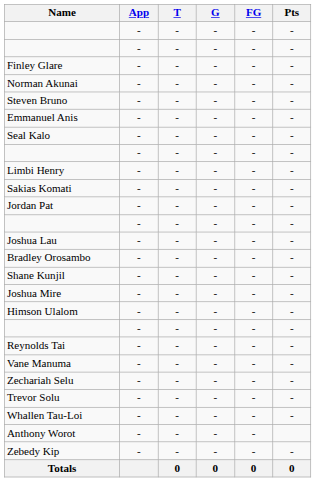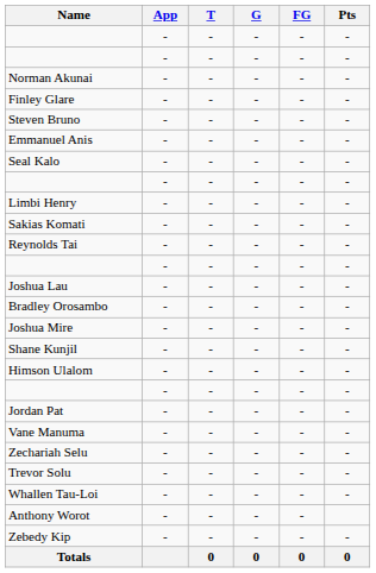 <table class="wikitable sortable" style="text-align: center;">
 <tr>
 <th style="width:10em">Name</th>
 <th style="width:3em"><a href='#'>App</a></th>
 <th style="width:3em"><a href='#'>T</a></th>
 <th style="width:3em"><a href='#'>G</a></th>
 <th style="width:3em"><a href='#'>FG</a></th>
 <th style="width:3em">Pts</th>
 </tr>
 <tr>
 <td style="text-align:left;"></td>
 <td>-</td>
 <td>-</td>
 <td>-</td>
 <td>-</td>
 <td>-</td>
 </tr>
 <tr>
 <td style="text-align:left;"></td>
 <td>-</td>
 <td>-</td>
 <td>-</td>
 <td>-</td>
 <td>-</td>
 </tr>
 <tr>
-<td style="text-align:left;">Finley Glare</td>
+<td style="text-align:left;">Norman Akunai</td>
 <td>-</td>
 <td>-</td>
 <td>-</td>
 <td>-</td>
 <td>-</td>
 </tr>
 <tr>
-<td style="text-align:left;">Norman Akunai</td>
+<td style="text-align:left;">Finley Glare</td>
 <td>-</td>
 <td>-</td>
 <td>-</td>
 <td>-</td>
 <td>-</td>
 </tr>
 <tr>
 <td style="text-align:left;">Steven Bruno</td>
 <td>-</td>
 <td>-</td>
 <td>-</td>
 <td>-</td>
 <td>-</td>
 </tr>
 <tr>
 <td style="text-align:left;">Emmanuel Anis</td>
 <td>-</td>
 <td>-</td>
 <td>-</td>
 <td>-</td>
 <td>-</td>
 </tr>
 <tr>
 <td style="text-align:left;">Seal Kalo</td>
 <td>-</td>
 <td>-</td>
 <td>-</td>
 <td>-</td>
 <td>-</td>
 </tr>
 <tr>
 <td style="text-align:left;"></td>
 <td>-</td>
 <td>-</td>
 <td>-</td>
 <td>-</td>
 <td>-</td>
 </tr>
 <tr>
 <td style="text-align:left;">Limbi Henry</td>
 <td>-</td>
 <td>-</td>
 <td>-</td>
 <td>-</td>
 <td>-</td>
 </tr>
 <tr>
 <td style="text-align:left;">Sakias Komati</td>
 <td>-</td>
 <td>-</td>
 <td>-</td>
 <td>-</td>
 <td>-</td>
 </tr>
 <tr>
-<td style="text-align:left;">Jordan Pat</td>
+<td style="text-align:left;">Reynolds Tai</td>
 <td>-</td>
 <td>-</td>
 <td>-</td>
 <td>-</td>
 <td>-</td>
 </tr>
 <tr>
 <td style="text-align:left;"></td>
 <td>-</td>
 <td>-</td>
 <td>-</td>
 <td>-</td>
 <td>-</td>
 </tr>
 <tr>
 <td style="text-align:left;">Joshua Lau</td>
 <td>-</td>
 <td>-</td>
 <td>-</td>
 <td>-</td>
 <td>-</td>
 </tr>
 <tr>
 <td style="text-align:left;">Bradley Orosambo</td>
 <td>-</td>
 <td>-</td>
 <td>-</td>
 <td>-</td>
 <td>-</td>
 </tr>
 <tr>
-<td style="text-align:left;">Shane Kunjil</td>
+<td style="text-align:left;">Joshua Mire</td>
 <td>-</td>
 <td>-</td>
 <td>-</td>
 <td>-</td>
 <td>-</td>
 </tr>
 <tr>
-<td style="text-align:left;">Joshua Mire</td>
+<td style="text-align:left;">Shane Kunjil</td>
 <td>-</td>
 <td>-</td>
 <td>-</td>
 <td>-</td>
 <td>-</td>
 </tr>
 <tr>
 <td style="text-align:left;">Himson Ulalom</td>
 <td>-</td>
 <td>-</td>
 <td>-</td>
 <td>-</td>
 <td>-</td>
 </tr>
 <tr>
 <td style="text-align:left;"></td>
 <td>-</td>
 <td>-</td>
 <td>-</td>
 <td>-</td>
 <td>-</td>
 </tr>
 <tr>
-<td style="text-align:left;">Reynolds Tai</td>
+<td style="text-align:left;">Jordan Pat</td>
 <td>-</td>
 <td>-</td>
 <td>-</td>
 <td>-</td>
 <td>-</td>
 </tr>
 <tr>
 <td style="text-align:left;">Vane Manuma</td>
 <td>-</td>
 <td>-</td>
 <td>-</td>
 <td>-</td>
 <td>-</td>
 </tr>
 <tr>
 <td style="text-align:left;">Zechariah Selu</td>
 <td>-</td>
 <td>-</td>
 <td>-</td>
 <td>-</td>
 <td>-</td>
 </tr>
 <tr>
 <td style="text-align:left;">Trevor Solu</td>
 <td>-</td>
 <td>-</td>
 <td>-</td>
 <td>-</td>
 <td>-</td>
 </tr>
 <tr>
 <td style="text-align:left;">Whallen Tau-Loi</td>
 <td>-</td>
 <td>-</td>
 <td>-</td>
 <td>-</td>
 <td>-</td>
 </tr>
 <tr>
 <td style="text-align:left;">Anthony Worot</td>
 <td>-</td>
 <td>-</td>
 <td>-</td>
 <td>-</td>
 </tr>
 <tr>
 <td style="text-align:left;">Zebedy Kip</td>
 <td>-</td>
 <td>-</td>
 <td>-</td>
 <td>-</td>
 <td>-</td>
 </tr>
 <tr class="sortbottom">
 <th>Totals</th>
 <th></th>
 <th>0</th>
 <th>0</th>
 <th>0</th>
 <th>0</th>
 </tr>
 </table>
